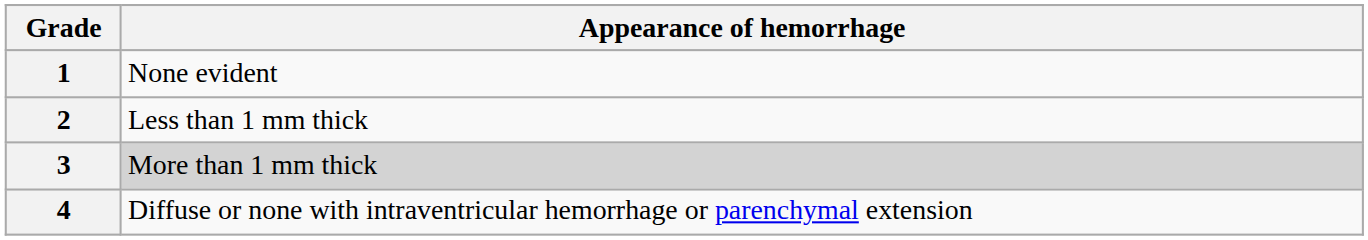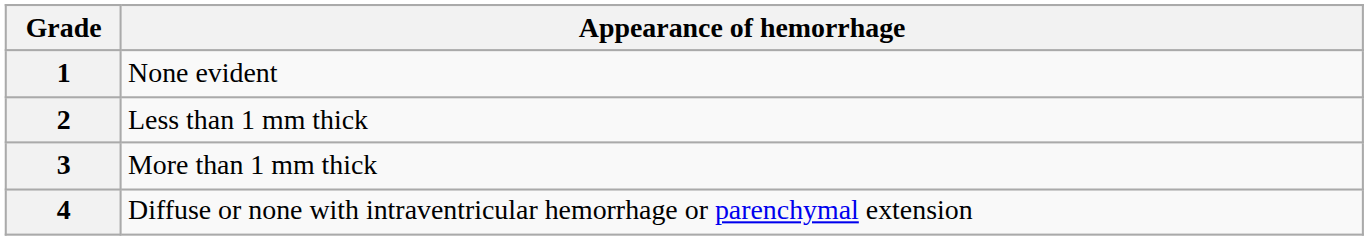 <table class="wikitable" style = "width:75%; font-size:85%; margin-left:15px; text-align:center">
 <tr>
 <th width="50">Grade</th>
 <th>Appearance of hemorrhage</th>
 </tr>
 <tr>
 <th>1</th>
 <td style="text-align:left;">None evident</td>
 </tr>
 <tr>
 <th>2</th>
 <td style="text-align:left;">Less than 1 mm thick</td>
 </tr>
 <tr>
 <th>3</th>
-<td align="left" style="background: lightgrey;">More than 1 mm thick</td>
+<td align="left">More than 1 mm thick</td>
 </tr>
 <tr>
 <th>4</th>
 <td style="text-align:left;">Diffuse or none with intraventricular hemorrhage or <a href='#'>parenchymal</a> extension</td>
 </tr>
 </table>
